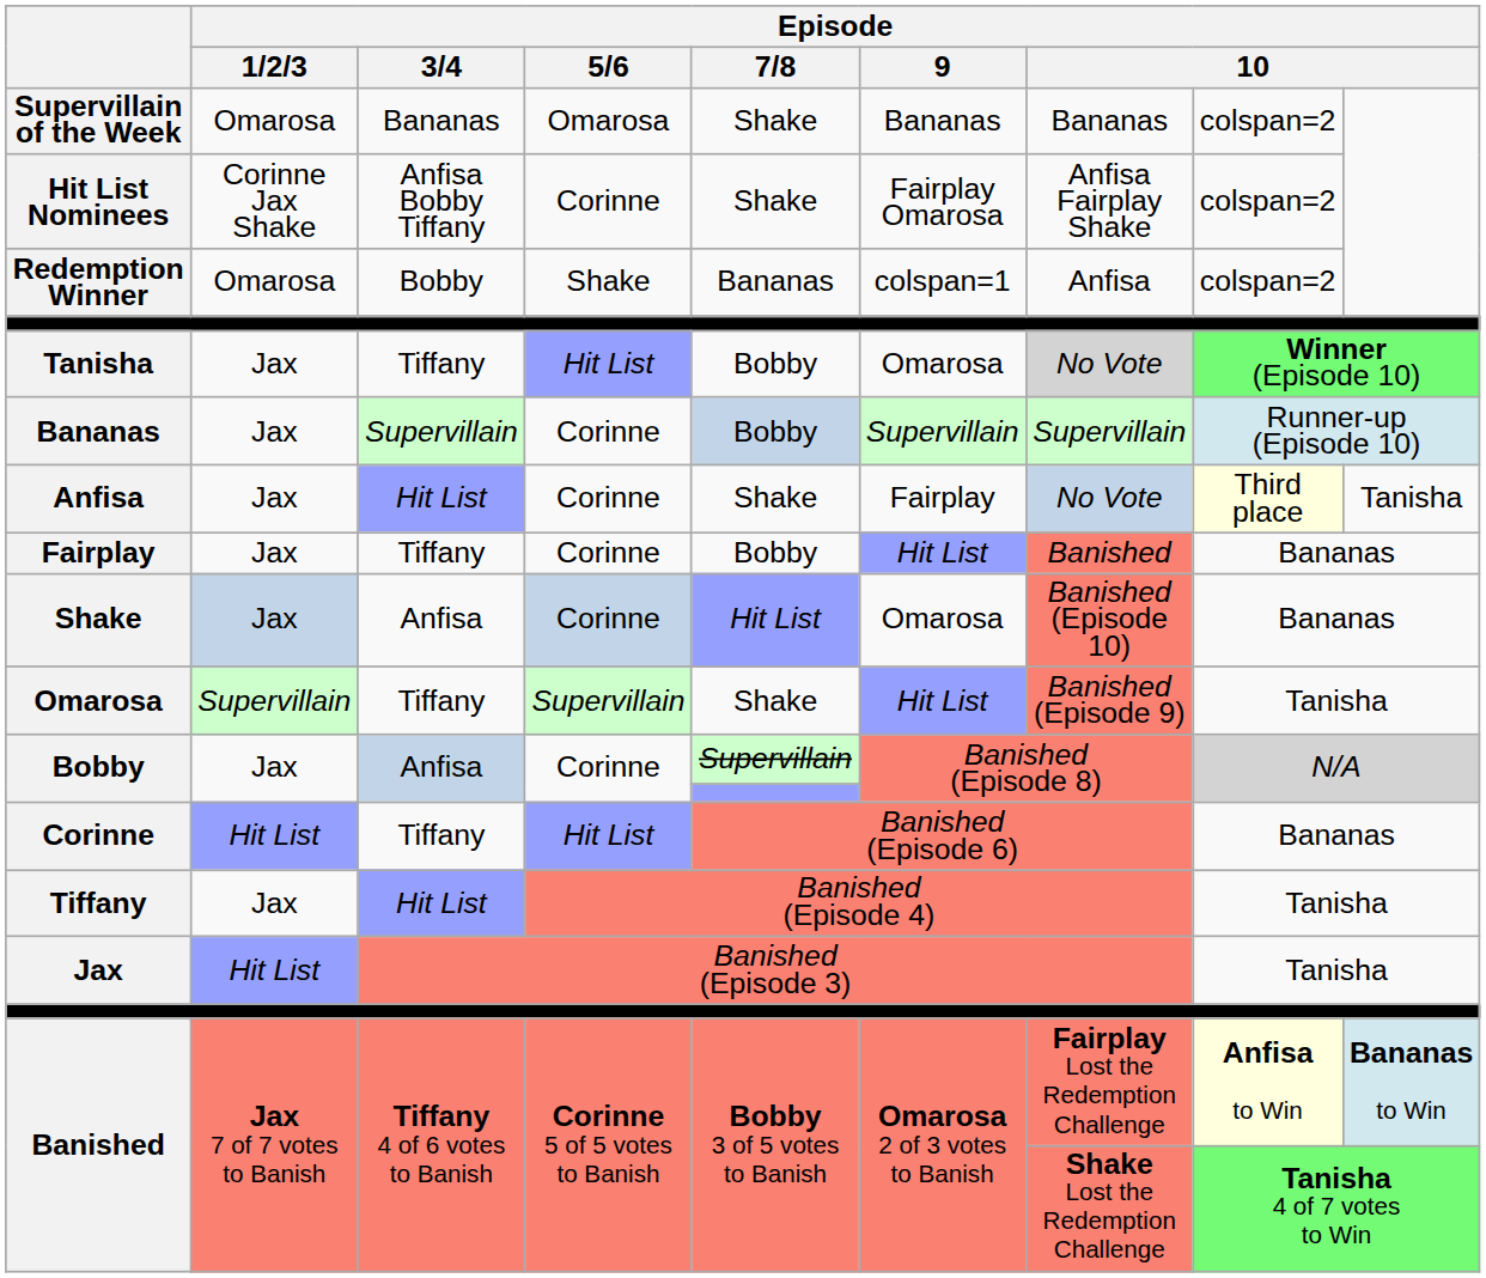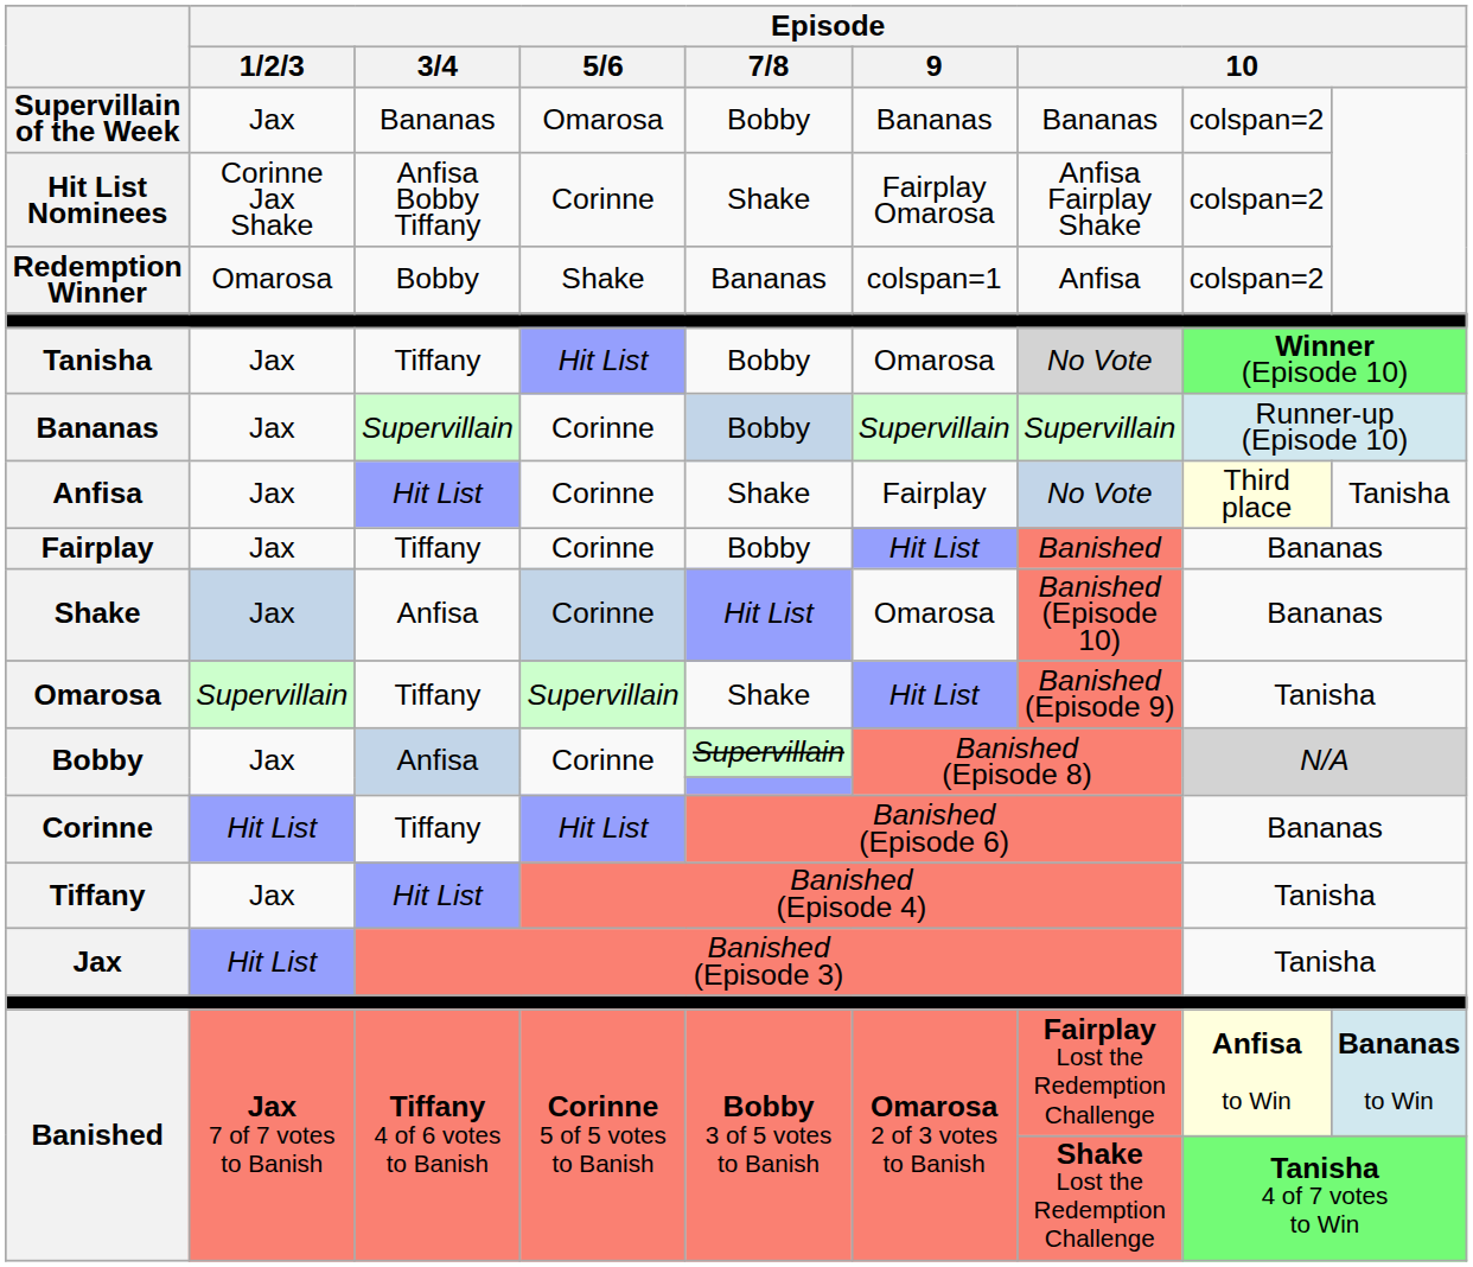 <table class="wikitable" style="text-align:center; line-height:13px; font-size:90%; width:20%;">
 <tr>
 <th rowspan="2"></th>
 <th colspan="8">Episode</th>
 </tr>
 <tr>
 <th>1/2/3</th>
 <th>3/4</th>
 <th>5/6</th>
 <th>7/8</th>
 <th>9</th>
 <th colspan="3">10</th>
 </tr>
 <tr>
 <th>Supervillain<br>of the Week</th>
-<td>Omarosa</td>
+<td>Jax</td>
 <td>Bananas</td>
 <td>Omarosa</td>
-<td>Shake</td>
+<td>Bobby</td>
 <td>Bananas</td>
 <td>Bananas</td>
 <td>colspan=2 </td>
 </tr>
 <tr>
 <th>Hit List<br>Nominees</th>
 <td>Corinne<br>Jax<br>Shake</td>
 <td>Anfisa<br>Bobby<br>Tiffany</td>
 <td>Corinne</td>
 <td>Shake</td>
 <td>Fairplay<br>Omarosa</td>
 <td>Anfisa<br>Fairplay<br>Shake</td>
 <td>colspan=2 </td>
 </tr>
 <tr>
 <th>Redemption<br>Winner</th>
 <td>Omarosa</td>
 <td>Bobby</td>
 <td>Shake</td>
 <td>Bananas</td>
 <td>colspan=1 </td>
 <td>Anfisa</td>
 <td>colspan=2 </td>
 </tr>
 <tr>
 <td colspan="9" bgcolor="black"></td>
 </tr>
 <tr>
 <th>Tanisha</th>
 <td>Jax</td>
 <td>Tiffany</td>
 <td style="background:#959FFD"><em>Hit List</em></td>
 <td>Bobby</td>
 <td>Omarosa</td>
 <td bgcolor="#D3D3D3"><em>No Vote</em></td>
 <td colspan="2" bgcolor="#73FB76"><strong>Winner</strong><br>(Episode 10)</td>
 </tr>
 <tr>
 <th>Bananas</th>
 <td>Jax</td>
 <td style="background:#cfc"><em>Supervillain<br></em></td>
 <td>Corinne</td>
 <td style="background:#C2D5E8">Bobby</td>
 <td style="background:#cfc"><em>Supervillain<br></em></td>
 <td style="background:#cfc"><em>Supervillain<br></em></td>
 <td colspan="2" bgcolor="#D1E8EF">Runner-up<br>(Episode 10)</td>
 </tr>
 <tr>
 <th>Anfisa</th>
 <td>Jax</td>
 <td style="background:#959FFD"><em>Hit List</em></td>
 <td>Corinne</td>
 <td>Shake</td>
 <td>Fairplay</td>
 <td style="background:#C2D5E8"><em>No Vote</em></td>
 <td style="background:#ffffdd">Third place<br></td>
 <td>Tanisha</td>
 </tr>
 <tr>
 <th>Fairplay</th>
 <td>Jax</td>
 <td>Tiffany</td>
 <td>Corinne</td>
 <td>Bobby</td>
 <td style="background:#959FFD"><em>Hit List</em></td>
 <td style="background:salmon;"><em>Banished</em><br></td>
 <td colspan="2">Bananas</td>
 </tr>
 <tr>
 <th>Shake</th>
 <td style="background:#C2D5E8">Jax</td>
 <td>Anfisa</td>
 <td style="background:#C2D5E8">Corinne</td>
 <td style="background:#959FFD"><em>Hit List</em></td>
 <td>Omarosa</td>
 <td style="background:salmon;"><em>Banished</em><br>(Episode 10)</td>
 <td colspan="2">Bananas</td>
 </tr>
 <tr>
 <th>Omarosa</th>
 <td style="background:#cfc"><em>Supervillain<br></em></td>
 <td>Tiffany</td>
 <td style="background:#cfc"><em>Supervillain<br></em></td>
 <td>Shake</td>
 <td style="background:#959FFD"><em>Hit List</em></td>
 <td style="background:salmon;"><em>Banished</em><br>(Episode 9)</td>
 <td colspan="2">Tanisha</td>
 </tr>
 <tr>
 <th rowspan="2">Bobby</th>
 <td rowspan="2">Jax</td>
 <td rowspan="2" style="background:#C2D5E8">Anfisa</td>
 <td rowspan="2">Corinne</td>
 <td style="background:#cfc"><em><s>Supervillain<br></s></em></td>
 <td colspan="2" rowspan="2" style="background:salmon;"><em>Banished</em><br>(Episode 8)</td>
 <td colspan=2 rowspan=2 style="background:#D3D3D3;"><em>N/A</em></td>
 </tr>
 <tr>
 <td style="background:#959FFD"></td>
 </tr>
 <tr>
 <th>Corinne</th>
 <td style="background:#959FFD"><em>Hit List</em></td>
 <td>Tiffany</td>
 <td style="background:#959FFD"><em>Hit List</em></td>
 <td colspan=3 style="background:salmon;"><em>Banished</em><br>(Episode 6)</td>
 <td colspan="2">Bananas</td>
 </tr>
 <tr>
 <th>Tiffany</th>
 <td>Jax</td>
 <td style="background:#959FFD"><em>Hit List</em></td>
 <td colspan=4 style="background:salmon;"><em>Banished</em><br>(Episode 4)</td>
 <td colspan="2">Tanisha</td>
 </tr>
 <tr>
 <th>Jax</th>
 <td style="background:#959FFD"><em>Hit List</em></td>
 <td colspan=5 style="background:salmon;"><em>Banished</em><br>(Episode 3)</td>
 <td colspan="2">Tanisha</td>
 </tr>
 <tr>
 <td colspan="9" bgcolor="black"></td>
 </tr>
 <tr>
 <th rowspan="2">Banished</th>
 <td rowspan="2" bgcolor="#FA8072"><strong>Jax</strong><br><small> 7 of 7 votes<br>to Banish</small></td>
 <td rowspan="2" bgcolor="#FA8072"><strong>Tiffany</strong><br><small>4 of 6 votes<br>to Banish</small></td>
 <td rowspan="2" bgcolor="#FA8072"><strong>Corinne</strong><br><small>5 of 5 votes<br>to Banish</small></td>
 <td rowspan="2" bgcolor="#FA8072"><strong>Bobby</strong><br><small>3 of 5 votes<br>to Banish</small></td>
 <td rowspan="2" bgcolor="#FA8072"><strong>Omarosa</strong><br><small>2 of 3 votes<br>to Banish</small></td>
 <td bgcolor="#FA8072"><strong>Fairplay</strong><br><small>Lost the<br>Redemption Challenge</small></td>
 <td bgcolor="#ffffdd"><strong>Anfisa</strong><br><small><br>to Win</small></td>
 <td bgcolor="#D1E8EF"><strong>Bananas</strong><br><small><br>to Win</small></td>
 </tr>
 <tr>
 <td bgcolor="#FA8072"><strong>Shake</strong><br><small>Lost the<br>Redemption Challenge</small></td>
 <td colspan="2" bgcolor="#73FB76"><strong>Tanisha</strong><br><small>4 of 7 votes<br>to Win</small></td>
 </tr>
 </table>
